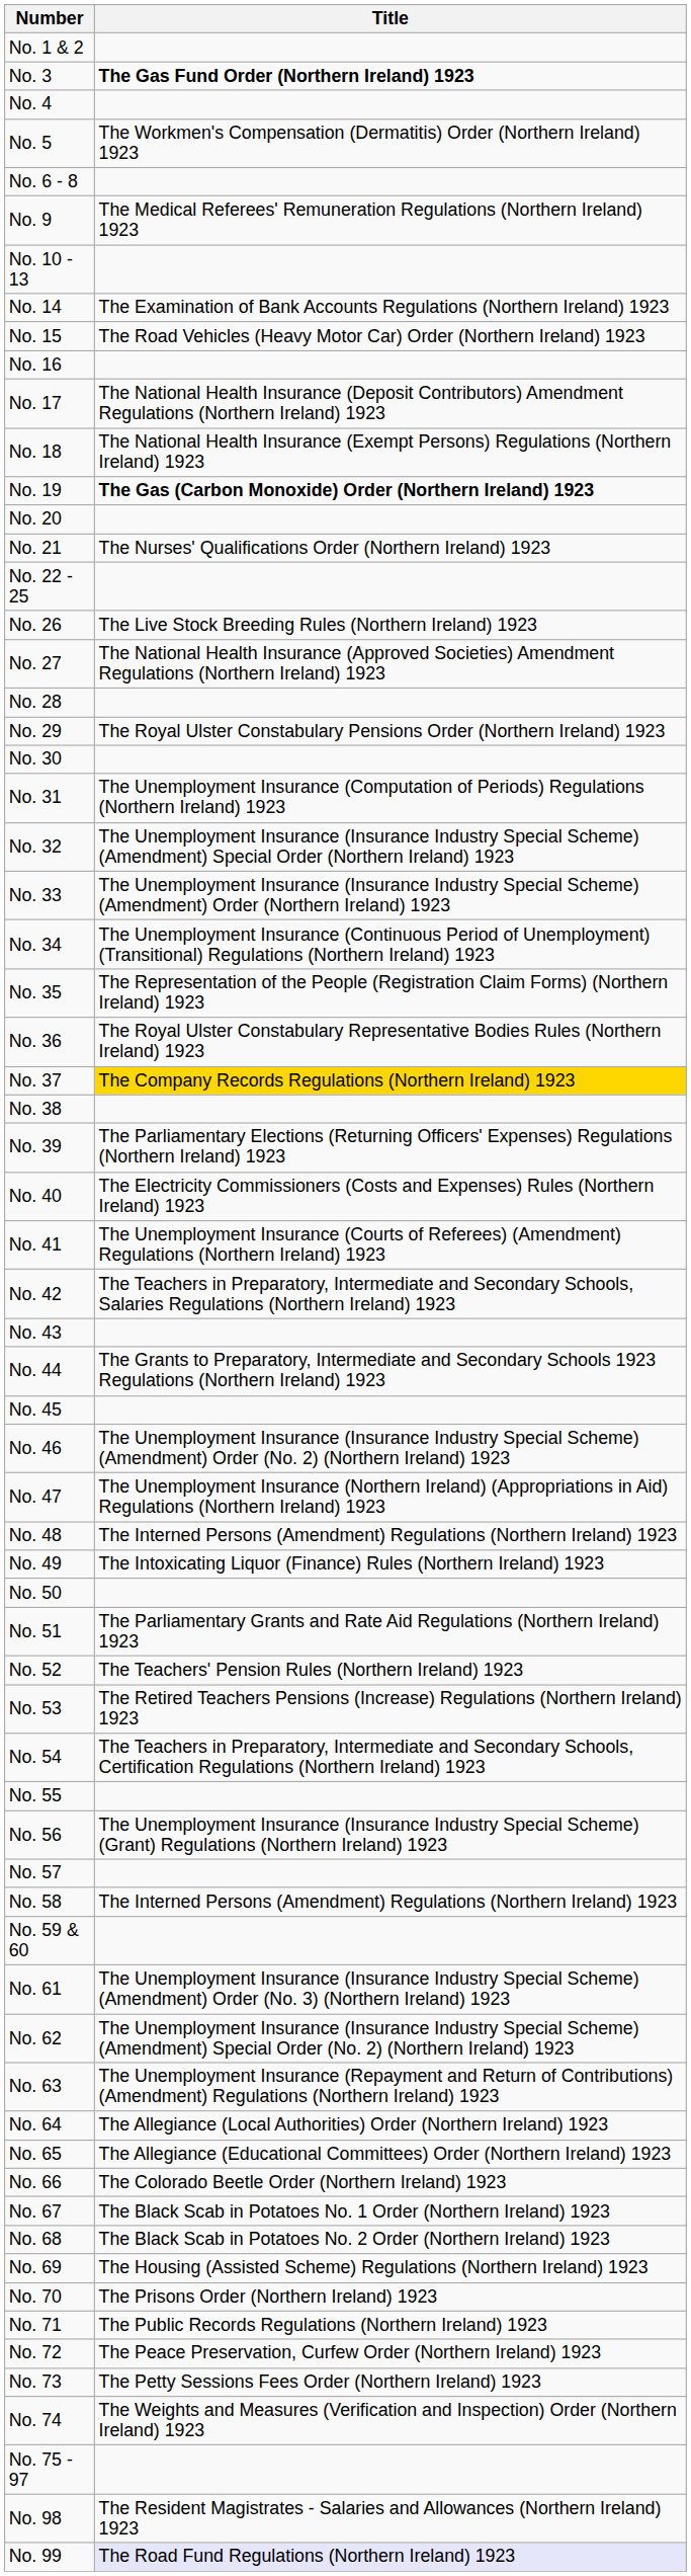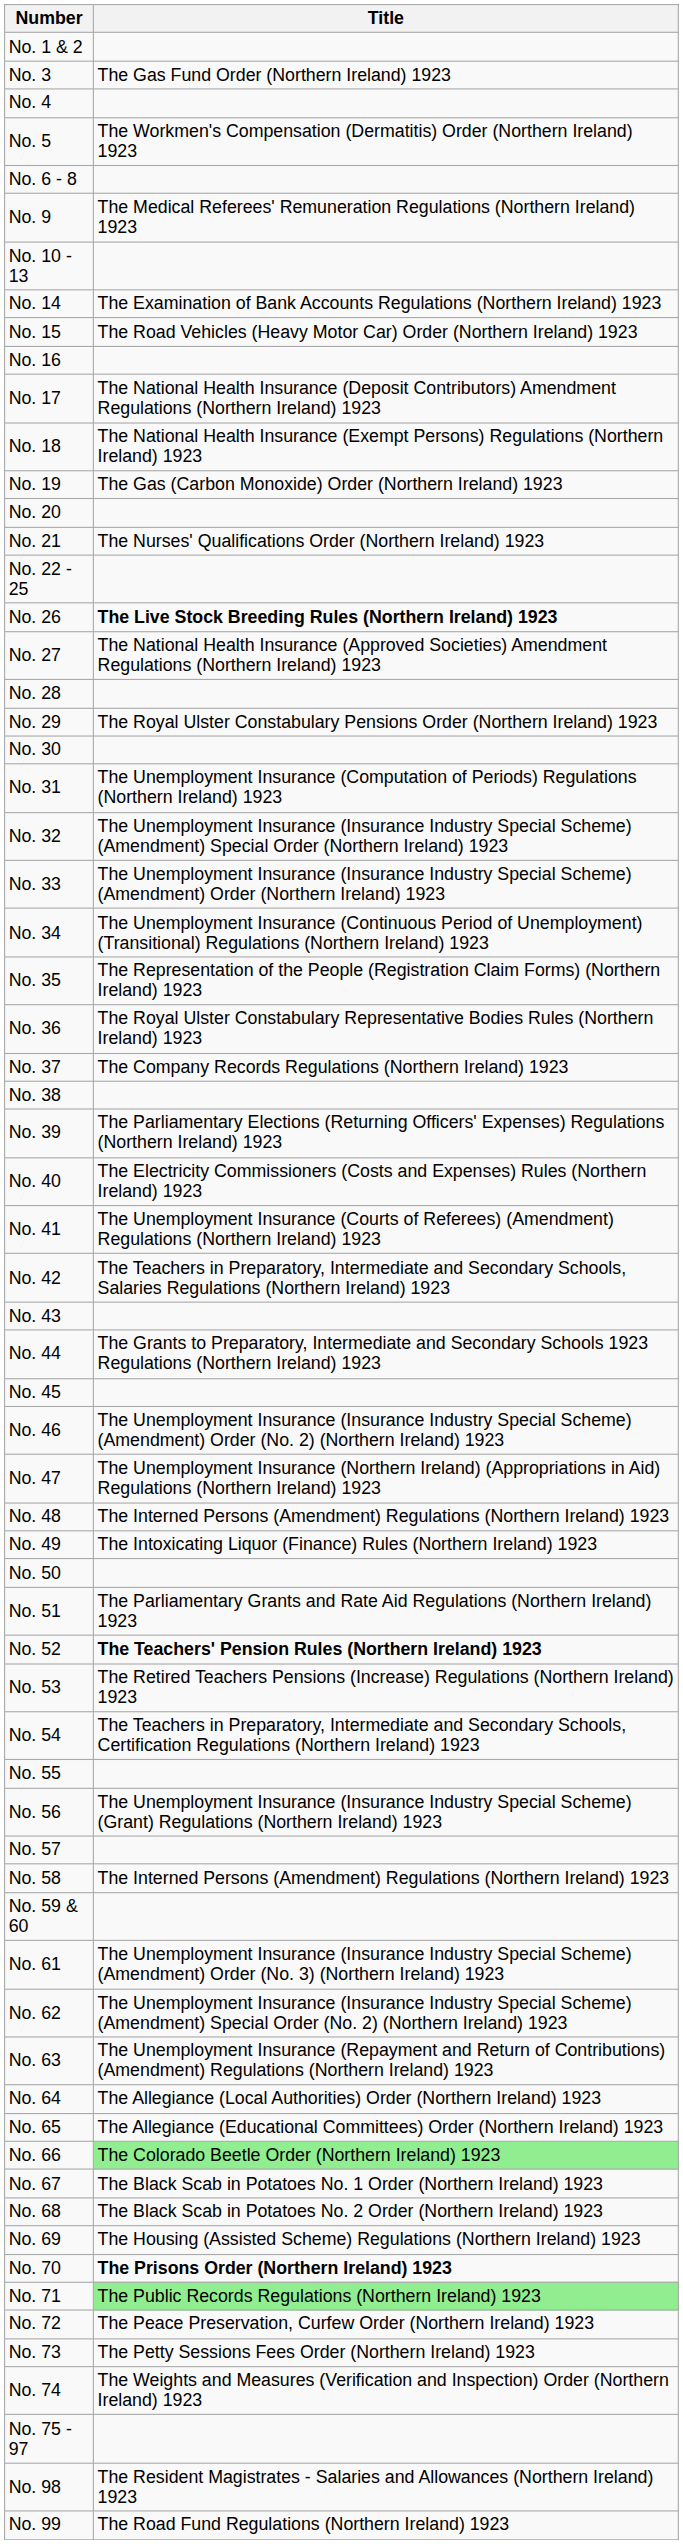 <table class="wikitable collapsible">
 <tr>
 <th>Number</th>
 <th>Title</th>
 </tr>
 <tr>
 <td>No. 1 & 2</td>
 <td></td>
 </tr>
 <tr>
 <td>No. 3</td>
-<td><strong>The Gas Fund Order (Northern Ireland) 1923</strong></td>
+<td>The Gas Fund Order (Northern Ireland) 1923</td>
 </tr>
 <tr>
 <td>No. 4</td>
 <td></td>
 </tr>
 <tr>
 <td>No. 5</td>
 <td>The Workmen's Compensation (Dermatitis) Order (Northern Ireland) 1923</td>
 </tr>
 <tr>
 <td>No. 6 - 8</td>
 <td></td>
 </tr>
 <tr>
 <td>No. 9</td>
 <td>The Medical Referees' Remuneration Regulations (Northern Ireland) 1923</td>
 </tr>
 <tr>
 <td>No. 10 - 13</td>
 <td></td>
 </tr>
 <tr>
 <td>No. 14</td>
 <td>The Examination of Bank Accounts Regulations (Northern Ireland) 1923</td>
 </tr>
 <tr>
 <td>No. 15</td>
 <td>The Road Vehicles (Heavy Motor Car) Order (Northern Ireland) 1923</td>
 </tr>
 <tr>
 <td>No. 16</td>
 <td></td>
 </tr>
 <tr>
 <td>No. 17</td>
 <td>The National Health Insurance (Deposit Contributors) Amendment Regulations (Northern Ireland) 1923</td>
 </tr>
 <tr>
 <td>No. 18</td>
 <td>The National Health Insurance (Exempt Persons) Regulations (Northern Ireland) 1923</td>
 </tr>
 <tr>
 <td>No. 19</td>
-<td><strong>The Gas (Carbon Monoxide) Order (Northern Ireland) 1923</strong></td>
+<td>The Gas (Carbon Monoxide) Order (Northern Ireland) 1923</td>
 </tr>
 <tr>
 <td>No. 20</td>
 <td></td>
 </tr>
 <tr>
 <td>No. 21</td>
 <td>The Nurses' Qualifications Order (Northern Ireland) 1923</td>
 </tr>
 <tr>
 <td>No. 22 - 25</td>
 <td></td>
 </tr>
 <tr>
 <td>No. 26</td>
-<td>The Live Stock Breeding Rules (Northern Ireland) 1923</td>
+<td><strong>The Live Stock Breeding Rules (Northern Ireland) 1923</strong></td>
 </tr>
 <tr>
 <td>No. 27</td>
 <td>The National Health Insurance (Approved Societies) Amendment Regulations (Northern Ireland) 1923</td>
 </tr>
 <tr>
 <td>No. 28</td>
 <td></td>
 </tr>
 <tr>
 <td>No. 29</td>
 <td>The Royal Ulster Constabulary Pensions Order (Northern Ireland) 1923</td>
 </tr>
 <tr>
 <td>No. 30</td>
 <td></td>
 </tr>
 <tr>
 <td>No. 31</td>
 <td>The Unemployment Insurance (Computation of Periods) Regulations (Northern Ireland) 1923</td>
 </tr>
 <tr>
 <td>No. 32</td>
 <td>The Unemployment Insurance (Insurance Industry Special Scheme) (Amendment) Special Order (Northern Ireland) 1923</td>
 </tr>
 <tr>
 <td>No. 33</td>
 <td>The Unemployment Insurance (Insurance Industry Special Scheme) (Amendment) Order (Northern Ireland) 1923</td>
 </tr>
 <tr>
 <td>No. 34</td>
 <td>The Unemployment Insurance (Continuous Period of Unemployment) (Transitional) Regulations (Northern Ireland) 1923</td>
 </tr>
 <tr>
 <td>No. 35</td>
 <td>The Representation of the People (Registration Claim Forms) (Northern Ireland) 1923</td>
 </tr>
 <tr>
 <td>No. 36</td>
 <td>The Royal Ulster Constabulary Representative Bodies Rules (Northern Ireland) 1923</td>
 </tr>
 <tr>
 <td>No. 37</td>
-<td style="background: gold;">The Company Records Regulations (Northern Ireland) 1923</td>
+<td>The Company Records Regulations (Northern Ireland) 1923</td>
 </tr>
 <tr>
 <td>No. 38</td>
 <td></td>
 </tr>
 <tr>
 <td>No. 39</td>
 <td>The Parliamentary Elections (Returning Officers' Expenses) Regulations (Northern Ireland) 1923</td>
 </tr>
 <tr>
 <td>No. 40</td>
 <td>The Electricity Commissioners (Costs and Expenses) Rules (Northern Ireland) 1923</td>
 </tr>
 <tr>
 <td>No. 41</td>
 <td>The Unemployment Insurance (Courts of Referees) (Amendment) Regulations (Northern Ireland) 1923</td>
 </tr>
 <tr>
 <td>No. 42</td>
 <td>The Teachers in Preparatory, Intermediate and Secondary Schools, Salaries Regulations (Northern Ireland) 1923</td>
 </tr>
 <tr>
 <td>No. 43</td>
 <td></td>
 </tr>
 <tr>
 <td>No. 44</td>
 <td>The Grants to Preparatory, Intermediate and Secondary Schools 1923 Regulations (Northern Ireland) 1923</td>
 </tr>
 <tr>
 <td>No. 45</td>
 <td></td>
 </tr>
 <tr>
 <td>No. 46</td>
 <td>The Unemployment Insurance (Insurance Industry Special Scheme) (Amendment) Order (No. 2) (Northern Ireland) 1923</td>
 </tr>
 <tr>
 <td>No. 47</td>
 <td>The Unemployment Insurance (Northern Ireland) (Appropriations in Aid) Regulations (Northern Ireland) 1923</td>
 </tr>
 <tr>
 <td>No. 48</td>
 <td>The Interned Persons (Amendment) Regulations (Northern Ireland) 1923</td>
 </tr>
 <tr>
 <td>No. 49</td>
 <td>The Intoxicating Liquor (Finance) Rules (Northern Ireland) 1923</td>
 </tr>
 <tr>
 <td>No. 50</td>
 <td></td>
 </tr>
 <tr>
 <td>No. 51</td>
 <td>The Parliamentary Grants and Rate Aid Regulations (Northern Ireland) 1923</td>
 </tr>
 <tr>
 <td>No. 52</td>
-<td>The Teachers' Pension Rules (Northern Ireland) 1923</td>
+<td><strong>The Teachers' Pension Rules (Northern Ireland) 1923</strong></td>
 </tr>
 <tr>
 <td>No. 53</td>
 <td>The Retired Teachers Pensions (Increase) Regulations (Northern Ireland) 1923</td>
 </tr>
 <tr>
 <td>No. 54</td>
 <td>The Teachers in Preparatory, Intermediate and Secondary Schools, Certification Regulations (Northern Ireland) 1923</td>
 </tr>
 <tr>
 <td>No. 55</td>
 <td></td>
 </tr>
 <tr>
 <td>No. 56</td>
 <td>The Unemployment Insurance (Insurance Industry Special Scheme) (Grant) Regulations (Northern Ireland) 1923</td>
 </tr>
 <tr>
 <td>No. 57</td>
 <td></td>
 </tr>
 <tr>
 <td>No. 58</td>
 <td>The Interned Persons (Amendment) Regulations (Northern Ireland) 1923</td>
 </tr>
 <tr>
 <td>No. 59 & 60</td>
 <td></td>
 </tr>
 <tr>
 <td>No. 61</td>
 <td>The Unemployment Insurance (Insurance Industry Special Scheme) (Amendment) Order (No. 3) (Northern Ireland) 1923</td>
 </tr>
 <tr>
 <td>No. 62</td>
 <td>The Unemployment Insurance (Insurance Industry Special Scheme) (Amendment) Special Order (No. 2) (Northern Ireland) 1923</td>
 </tr>
 <tr>
 <td>No. 63</td>
 <td>The Unemployment Insurance (Repayment and Return of Contributions) (Amendment) Regulations (Northern Ireland) 1923</td>
 </tr>
 <tr>
 <td>No. 64</td>
 <td>The Allegiance (Local Authorities) Order (Northern Ireland) 1923</td>
 </tr>
 <tr>
 <td>No. 65</td>
 <td>The Allegiance (Educational Committees) Order (Northern Ireland) 1923</td>
 </tr>
 <tr>
 <td>No. 66</td>
-<td>The Colorado Beetle Order (Northern Ireland) 1923</td>
+<td style="background: lightgreen;">The Colorado Beetle Order (Northern Ireland) 1923</td>
 </tr>
 <tr>
 <td>No. 67</td>
 <td>The Black Scab in Potatoes No. 1 Order (Northern Ireland) 1923</td>
 </tr>
 <tr>
 <td>No. 68</td>
 <td>The Black Scab in Potatoes No. 2 Order (Northern Ireland) 1923</td>
 </tr>
 <tr>
 <td>No. 69</td>
 <td>The Housing (Assisted Scheme) Regulations (Northern Ireland) 1923</td>
 </tr>
 <tr>
 <td>No. 70</td>
-<td>The Prisons Order (Northern Ireland) 1923</td>
+<td><strong>The Prisons Order (Northern Ireland) 1923</strong></td>
 </tr>
 <tr>
 <td>No. 71</td>
-<td>The Public Records Regulations (Northern Ireland) 1923</td>
+<td style="background: lightgreen;">The Public Records Regulations (Northern Ireland) 1923</td>
 </tr>
 <tr>
 <td>No. 72</td>
 <td>The Peace Preservation, Curfew Order (Northern Ireland) 1923</td>
 </tr>
 <tr>
 <td>No. 73</td>
 <td>The Petty Sessions Fees Order (Northern Ireland) 1923</td>
 </tr>
 <tr>
 <td>No. 74</td>
 <td>The Weights and Measures (Verification and Inspection) Order (Northern Ireland) 1923</td>
 </tr>
 <tr>
 <td>No. 75 - 97</td>
 <td></td>
 </tr>
 <tr>
 <td>No. 98</td>
 <td>The Resident Magistrates - Salaries and Allowances (Northern Ireland) 1923</td>
 </tr>
 <tr>
 <td>No. 99</td>
-<td style="background: lavender;">The Road Fund Regulations (Northern Ireland) 1923</td>
+<td>The Road Fund Regulations (Northern Ireland) 1923</td>
 </tr>
 </table>
